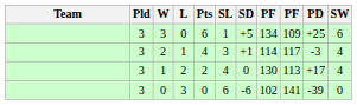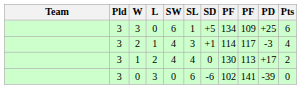 <table class=wikitable style="text-align:center">
 <tr>
 <th width=160>Team</th>
 <th width=20>Pld</th>
 <th width=20>W</th>
 <th width=20>L</th>
-<th width=20>Pts</th>
+<th width=20>SW</th>
 <th width=20>SL</th>
 <th width=20>SD</th>
 <th width=20>PF</th>
 <th width=20>PF</th>
 <th width=20>PD</th>
-<th width=20>SW</th>
+<th width=20>Pts</th>
 </tr>
 <tr bgcolor="ccffcc">
 <td align=left></td>
 <td>3</td>
 <td>3</td>
 <td>0</td>
 <td>6</td>
 <td>1</td>
 <td>+5</td>
 <td>134</td>
 <td>109</td>
 <td>+25</td>
 <td>6</td>
 </tr>
 <tr bgcolor="ccffcc">
 <td align=left></td>
 <td>3</td>
 <td>2</td>
 <td>1</td>
 <td>4</td>
 <td>3</td>
 <td>+1</td>
 <td>114</td>
 <td>117</td>
 <td>-3</td>
 <td>4</td>
 </tr>
 <tr bgcolor="ccffcc">
 <td align=left></td>
 <td>3</td>
 <td>1</td>
 <td>2</td>
-<td>2</td>
+<td>4</td>
 <td>4</td>
 <td>0</td>
 <td>130</td>
 <td>113</td>
 <td>+17</td>
-<td>4</td>
+<td>2</td>
 </tr>
 <tr bgcolor="ccffcc">
 <td align=left></td>
 <td>3</td>
 <td>0</td>
 <td>3</td>
 <td>0</td>
 <td>6</td>
 <td>-6</td>
 <td>102</td>
 <td>141</td>
 <td>-39</td>
 <td>0</td>
 </tr>
 </table>
